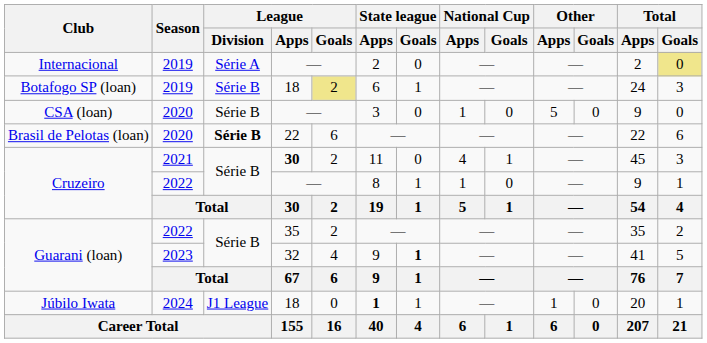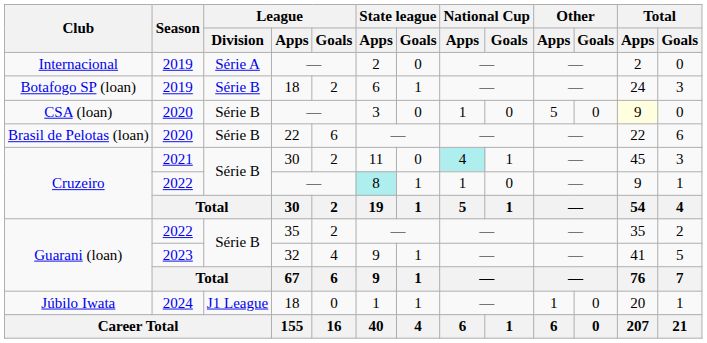 <table class="wikitable" style="text-align: center">
 <tr>
 <th rowspan="2">Club</th>
 <th rowspan="2">Season</th>
 <th colspan="3">League</th>
 <th colspan="2">State league</th>
 <th colspan="2">National Cup</th>
 <th colspan="2">Other</th>
 <th colspan="2">Total</th>
 </tr>
 <tr>
 <th>Division</th>
 <th>Apps</th>
 <th>Goals</th>
 <th>Apps</th>
 <th>Goals</th>
 <th>Apps</th>
 <th>Goals</th>
 <th>Apps</th>
 <th>Goals</th>
 <th>Apps</th>
 <th>Goals</th>
 </tr>
 <tr>
 <td><a href='#'>Internacional</a></td>
 <td><a href='#'>2019</a></td>
 <td><a href='#'>Série A</a></td>
 <td colspan="2">—</td>
 <td>2</td>
 <td>0</td>
 <td colspan="2">—</td>
 <td colspan="2">—</td>
 <td>2</td>
-<td style="background: khaki;">0</td>
+<td>0</td>
 </tr>
 <tr>
 <td><a href='#'>Botafogo SP</a> (loan)</td>
 <td><a href='#'>2019</a></td>
 <td><a href='#'>Série B</a></td>
 <td>18</td>
-<td style="background: khaki;">2</td>
+<td>2</td>
 <td>6</td>
 <td>1</td>
 <td colspan="2">—</td>
 <td colspan="2">—</td>
 <td>24</td>
 <td>3</td>
 </tr>
 <tr>
 <td><a href='#'>CSA</a> (loan)</td>
 <td><a href='#'>2020</a></td>
 <td>Série B</td>
 <td colspan="2">—</td>
 <td>3</td>
 <td>0</td>
 <td>1</td>
 <td>0</td>
 <td>5</td>
 <td>0</td>
-<td>9</td>
+<td style="background: lightyellow;">9</td>
 <td>0</td>
 </tr>
 <tr>
 <td><a href='#'>Brasil de Pelotas</a> (loan)</td>
 <td><a href='#'>2020</a></td>
-<td><strong>Série B</strong></td>
+<td>Série B</td>
 <td>22</td>
 <td>6</td>
 <td colspan="2">—</td>
 <td colspan="2">—</td>
 <td colspan="2">—</td>
 <td>22</td>
 <td>6</td>
 </tr>
 <tr>
 <td rowspan="3"><a href='#'>Cruzeiro</a></td>
 <td><a href='#'>2021</a></td>
 <td rowspan="2">Série B</td>
-<td><strong>30</strong></td>
+<td>30</td>
 <td>2</td>
 <td>11</td>
 <td>0</td>
-<td>4</td>
+<td style="background: paleturquoise;">4</td>
 <td>1</td>
 <td colspan="2">—</td>
 <td>45</td>
 <td>3</td>
 </tr>
 <tr>
 <td><a href='#'>2022</a></td>
 <td colspan="2">—</td>
-<td>8</td>
+<td style="background: paleturquoise;">8</td>
 <td>1</td>
 <td>1</td>
 <td>0</td>
 <td colspan="2">—</td>
 <td>9</td>
 <td>1</td>
 </tr>
 <tr>
 <th colspan="2">Total</th>
 <th>30</th>
 <th>2</th>
 <th>19</th>
 <th>1</th>
 <th>5</th>
 <th>1</th>
 <th colspan="2">—</th>
 <th>54</th>
 <th>4</th>
 </tr>
 <tr>
 <td rowspan="3"><a href='#'>Guarani</a> (loan)</td>
 <td><a href='#'>2022</a></td>
 <td rowspan="2">Série B</td>
 <td>35</td>
 <td>2</td>
 <td colspan="2">—</td>
 <td colspan="2">—</td>
 <td colspan="2">—</td>
 <td>35</td>
 <td>2</td>
 </tr>
 <tr>
 <td><a href='#'>2023</a></td>
 <td>32</td>
 <td>4</td>
 <td>9</td>
-<td><strong>1</strong></td>
+<td>1</td>
 <td colspan="2">—</td>
 <td colspan="2">—</td>
 <td>41</td>
 <td>5</td>
 </tr>
 <tr>
 <th colspan="2">Total</th>
 <th>67</th>
 <th>6</th>
 <th>9</th>
 <th>1</th>
 <th colspan="2">—</th>
 <th colspan="2">—</th>
 <th>76</th>
 <th>7</th>
 </tr>
 <tr>
 <td><a href='#'>Júbilo Iwata</a></td>
 <td><a href='#'>2024</a></td>
 <td><a href='#'>J1 League</a></td>
 <td>18</td>
 <td>0</td>
-<td><strong>1</strong></td>
+<td>1</td>
 <td>1</td>
 <td colspan="2">—</td>
 <td>1</td>
 <td>0</td>
 <td>20</td>
 <td>1</td>
 </tr>
 <tr>
 <th colspan="3">Career Total</th>
 <th>155</th>
 <th>16</th>
 <th>40</th>
 <th>4</th>
 <th>6</th>
 <th>1</th>
 <th>6</th>
 <th>0</th>
 <th>207</th>
 <th>21</th>
 </tr>
 </table>
